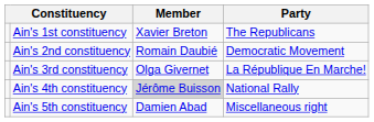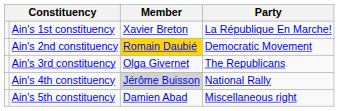 <table class="wikitable">
 <tr>
 <th colspan="2">Constituency</th>
 <th>Member</th>
 <th>Party</th>
 </tr>
 <tr>
 <td style="background-color: "></td>
 <td><a href='#'>Ain's 1st constituency</a></td>
 <td><a href='#'>Xavier Breton</a></td>
-<td><a href='#'>The Republicans</a></td>
+<td><a href='#'>La République En Marche!</a></td>
 </tr>
 <tr>
 <td style="background-color: "></td>
 <td><a href='#'>Ain's 2nd constituency</a></td>
-<td><a href='#'>Romain Daubié</a></td>
+<td style="background: gold;"><a href='#'>Romain Daubié</a></td>
 <td><a href='#'>Democratic Movement</a></td>
 </tr>
 <tr>
 <td style="background-color: "></td>
 <td><a href='#'>Ain's 3rd constituency</a></td>
 <td><a href='#'>Olga Givernet</a></td>
-<td><a href='#'>La République En Marche!</a></td>
+<td><a href='#'>The Republicans</a></td>
 </tr>
 <tr>
 <td style="background-color: "></td>
 <td><a href='#'>Ain's 4th constituency</a></td>
 <td style="background: lightgrey;"><a href='#'>Jérôme Buisson</a></td>
 <td><a href='#'>National Rally</a></td>
 </tr>
 <tr>
 <td style="background-color: "></td>
 <td><a href='#'>Ain's 5th constituency</a></td>
 <td><a href='#'>Damien Abad</a></td>
 <td><a href='#'>Miscellaneous right</a></td>
 </tr>
 </table>
